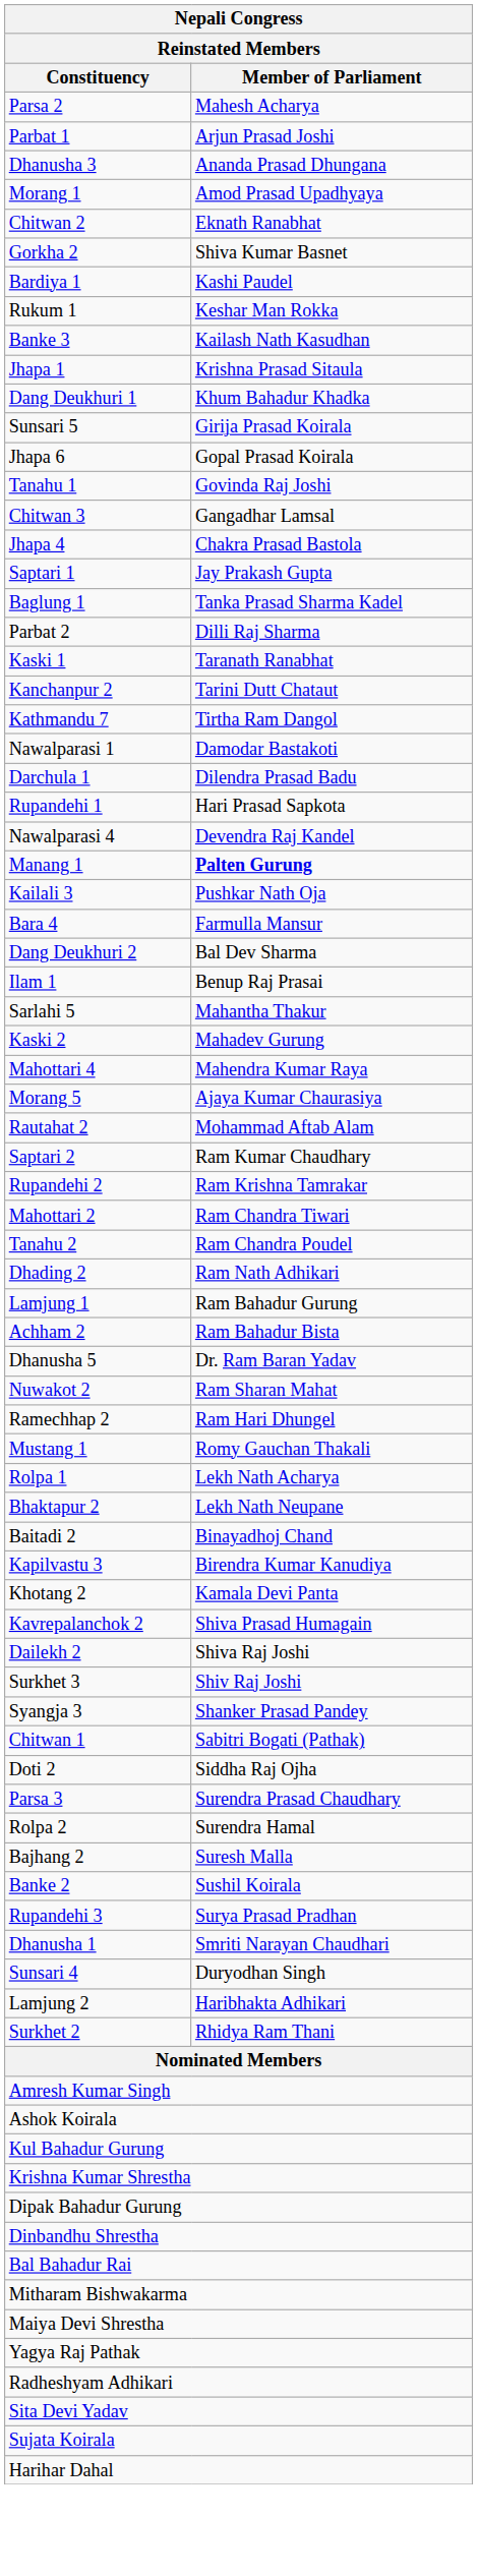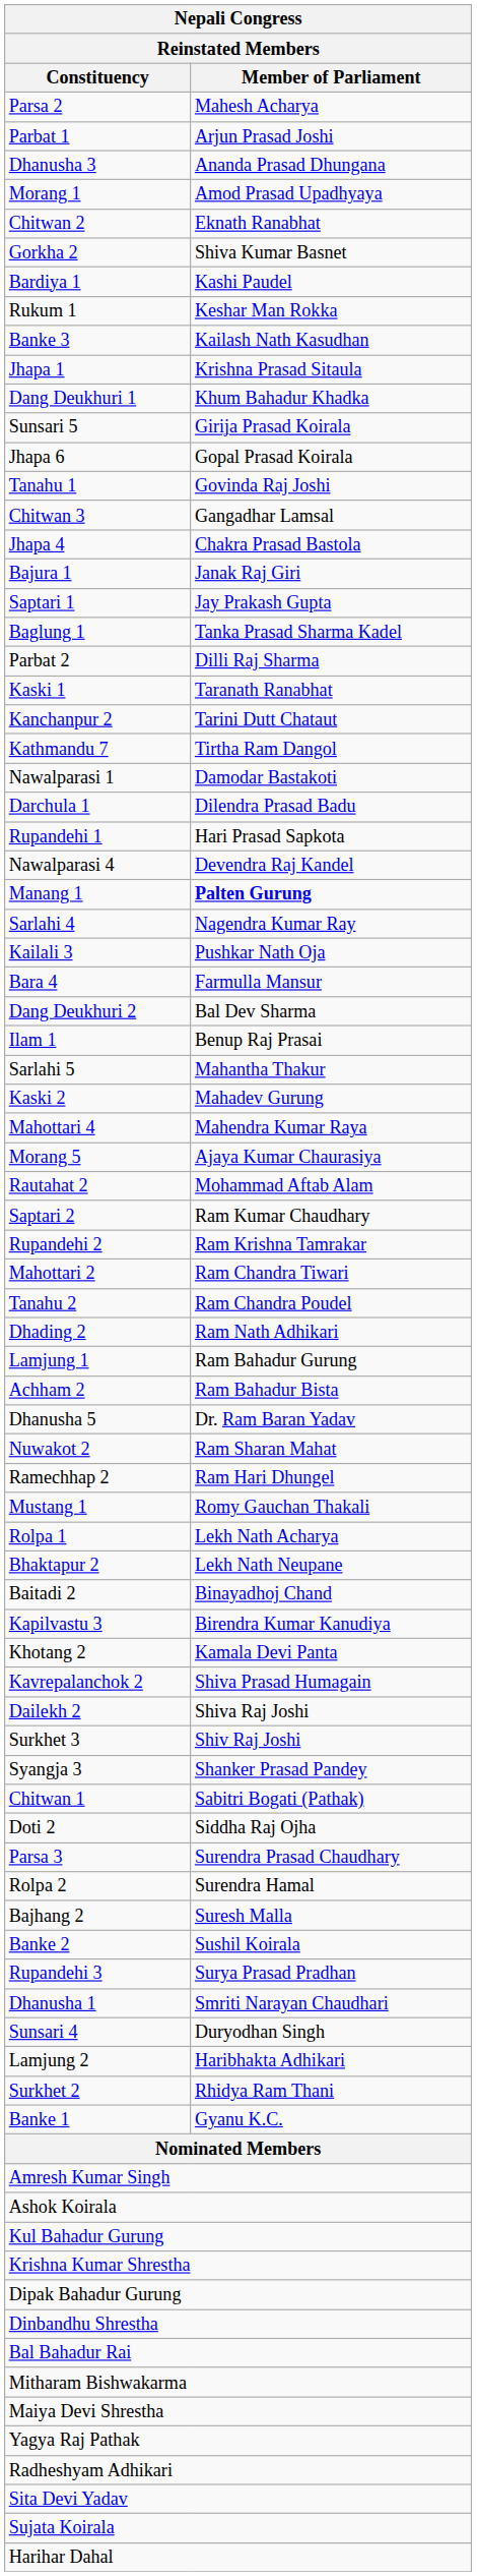 <table role="presentation" class="wikitable mw-collapsible mw-collapsed">
 <tr>
 <th colspan="2" style="width: 300pt; background: ">Nepali Congress</th>
 </tr>
 <tr>
 <th colspan="2">Reinstated Members</th>
 </tr>
 <tr>
 <th>Constituency</th>
 <th>Member of Parliament</th>
 </tr>
 <tr>
 <td><a href='#'>Parsa 2</a></td>
 <td><a href='#'>Mahesh Acharya</a></td>
 </tr>
 <tr>
 <td><a href='#'>Parbat 1</a></td>
 <td><a href='#'>Arjun Prasad Joshi</a></td>
 </tr>
 <tr>
 <td><a href='#'>Dhanusha 3</a></td>
 <td><a href='#'>Ananda Prasad Dhungana</a></td>
 </tr>
 <tr>
 <td><a href='#'>Morang 1</a></td>
 <td><a href='#'>Amod Prasad Upadhyaya</a></td>
 </tr>
 <tr>
 <td><a href='#'>Chitwan 2</a></td>
 <td><a href='#'>Eknath Ranabhat</a></td>
 </tr>
 <tr>
 <td><a href='#'>Gorkha 2</a></td>
 <td>Shiva Kumar Basnet</td>
 </tr>
 <tr>
 <td><a href='#'>Bardiya 1</a></td>
 <td><a href='#'>Kashi Paudel</a></td>
 </tr>
 <tr>
 <td>Rukum 1</td>
 <td><a href='#'>Keshar Man Rokka</a></td>
 </tr>
 <tr>
 <td><a href='#'>Banke 3</a></td>
 <td><a href='#'>Kailash Nath Kasudhan</a></td>
 </tr>
 <tr>
 <td><a href='#'>Jhapa 1</a></td>
 <td><a href='#'>Krishna Prasad Sitaula</a></td>
 </tr>
 <tr>
 <td><a href='#'>Dang Deukhuri 1</a></td>
 <td><a href='#'>Khum Bahadur Khadka</a></td>
 </tr>
 <tr>
 <td>Sunsari 5</td>
 <td><a href='#'>Girija Prasad Koirala</a></td>
 </tr>
 <tr>
 <td>Jhapa 6</td>
 <td>Gopal Prasad Koirala</td>
 </tr>
 <tr>
 <td><a href='#'>Tanahu 1</a></td>
 <td><a href='#'>Govinda Raj Joshi</a></td>
 </tr>
 <tr>
 <td><a href='#'>Chitwan 3</a></td>
 <td>Gangadhar Lamsal</td>
 </tr>
 <tr>
 <td><a href='#'>Jhapa 4</a></td>
 <td><a href='#'>Chakra Prasad Bastola</a></td>
 </tr>
 <tr>
+<td><a href='#'>Bajura 1</a></td>
+<td><a href='#'>Janak Raj Giri</a></td>
+</tr>
+<tr>
 <td><a href='#'>Saptari 1</a></td>
 <td><a href='#'>Jay Prakash Gupta</a></td>
 </tr>
 <tr>
 <td><a href='#'>Baglung 1</a></td>
 <td><a href='#'>Tanka Prasad Sharma Kadel</a></td>
 </tr>
 <tr>
 <td>Parbat 2</td>
 <td><a href='#'>Dilli Raj Sharma</a></td>
 </tr>
 <tr>
 <td><a href='#'>Kaski 1</a></td>
 <td><a href='#'>Taranath Ranabhat</a></td>
 </tr>
 <tr>
 <td><a href='#'>Kanchanpur 2</a></td>
 <td><a href='#'>Tarini Dutt Chataut</a></td>
 </tr>
 <tr>
 <td><a href='#'>Kathmandu 7</a></td>
 <td><a href='#'>Tirtha Ram Dangol</a></td>
 </tr>
 <tr>
 <td>Nawalparasi 1</td>
 <td><a href='#'>Damodar Bastakoti</a></td>
 </tr>
 <tr>
 <td><a href='#'>Darchula 1</a></td>
 <td><a href='#'>Dilendra Prasad Badu</a></td>
 </tr>
 <tr>
 <td><a href='#'>Rupandehi 1</a></td>
 <td>Hari Prasad Sapkota</td>
 </tr>
 <tr>
 <td>Nawalparasi 4</td>
 <td><a href='#'>Devendra Raj Kandel</a></td>
 </tr>
 <tr>
 <td><a href='#'>Manang 1</a></td>
 <td><strong><a href='#'>Palten Gurung</a></strong></td>
+</tr>
+<tr>
+<td><a href='#'>Sarlahi 4</a></td>
+<td><a href='#'>Nagendra Kumar Ray</a></td>
 </tr>
 <tr>
 <td><a href='#'>Kailali 3</a></td>
 <td><a href='#'>Pushkar Nath Oja</a></td>
 </tr>
 <tr>
 <td><a href='#'>Bara 4</a></td>
 <td><a href='#'>Farmulla Mansur</a></td>
 </tr>
 <tr>
 <td><a href='#'>Dang Deukhuri 2</a></td>
 <td>Bal Dev Sharma</td>
 </tr>
 <tr>
 <td><a href='#'>Ilam 1</a></td>
 <td>Benup Raj Prasai</td>
 </tr>
 <tr>
 <td>Sarlahi 5</td>
 <td><a href='#'>Mahantha Thakur</a></td>
 </tr>
 <tr>
 <td><a href='#'>Kaski 2</a></td>
 <td><a href='#'>Mahadev Gurung</a></td>
 </tr>
 <tr>
 <td><a href='#'>Mahottari 4</a></td>
 <td><a href='#'>Mahendra Kumar Raya</a></td>
 </tr>
 <tr>
 <td><a href='#'>Morang 5</a></td>
 <td><a href='#'>Ajaya Kumar Chaurasiya</a></td>
 </tr>
 <tr>
 <td><a href='#'>Rautahat 2</a></td>
 <td><a href='#'>Mohammad Aftab Alam</a></td>
 </tr>
 <tr>
 <td><a href='#'>Saptari 2</a></td>
 <td>Ram Kumar Chaudhary</td>
 </tr>
 <tr>
 <td><a href='#'>Rupandehi 2</a></td>
 <td><a href='#'>Ram Krishna Tamrakar</a></td>
 </tr>
 <tr>
 <td><a href='#'>Mahottari 2</a></td>
 <td><a href='#'>Ram Chandra Tiwari</a></td>
 </tr>
 <tr>
 <td><a href='#'>Tanahu 2</a></td>
 <td><a href='#'>Ram Chandra Poudel</a></td>
 </tr>
 <tr>
 <td><a href='#'>Dhading 2</a></td>
 <td><a href='#'>Ram Nath Adhikari</a></td>
 </tr>
 <tr>
 <td><a href='#'>Lamjung 1</a></td>
 <td>Ram Bahadur Gurung</td>
 </tr>
 <tr>
 <td><a href='#'>Achham 2</a></td>
 <td><a href='#'>Ram Bahadur Bista</a></td>
 </tr>
 <tr>
 <td>Dhanusha 5</td>
 <td>Dr. <a href='#'>Ram Baran Yadav</a></td>
 </tr>
 <tr>
 <td><a href='#'>Nuwakot 2</a></td>
 <td><a href='#'>Ram Sharan Mahat</a></td>
 </tr>
 <tr>
 <td>Ramechhap 2</td>
 <td><a href='#'>Ram Hari Dhungel</a></td>
 </tr>
 <tr>
 <td><a href='#'>Mustang 1</a></td>
 <td><a href='#'>Romy Gauchan Thakali</a></td>
 </tr>
 <tr>
 <td><a href='#'>Rolpa 1</a></td>
 <td><a href='#'>Lekh Nath Acharya</a></td>
 </tr>
 <tr>
 <td><a href='#'>Bhaktapur 2</a></td>
 <td><a href='#'>Lekh Nath Neupane</a></td>
 </tr>
 <tr>
 <td>Baitadi 2</td>
 <td><a href='#'>Binayadhoj Chand</a></td>
 </tr>
 <tr>
 <td><a href='#'>Kapilvastu 3</a></td>
 <td><a href='#'>Birendra Kumar Kanudiya</a></td>
 </tr>
 <tr>
 <td>Khotang 2</td>
 <td><a href='#'>Kamala Devi Panta</a></td>
 </tr>
 <tr>
 <td><a href='#'>Kavrepalanchok 2</a></td>
 <td><a href='#'>Shiva Prasad Humagain</a></td>
 </tr>
 <tr>
 <td><a href='#'>Dailekh 2</a></td>
 <td>Shiva Raj Joshi</td>
 </tr>
 <tr>
 <td>Surkhet 3</td>
 <td><a href='#'>Shiv Raj Joshi</a></td>
 </tr>
 <tr>
 <td>Syangja 3</td>
 <td><a href='#'>Shanker Prasad Pandey</a></td>
 </tr>
 <tr>
 <td><a href='#'>Chitwan 1</a></td>
 <td><a href='#'>Sabitri Bogati (Pathak)</a></td>
 </tr>
 <tr>
 <td>Doti 2</td>
 <td>Siddha Raj Ojha</td>
 </tr>
 <tr>
 <td><a href='#'>Parsa 3</a></td>
 <td><a href='#'>Surendra Prasad Chaudhary</a></td>
 </tr>
 <tr>
 <td>Rolpa 2</td>
 <td>Surendra Hamal</td>
 </tr>
 <tr>
 <td>Bajhang 2</td>
 <td><a href='#'>Suresh Malla</a></td>
 </tr>
 <tr>
 <td><a href='#'>Banke 2</a></td>
 <td><a href='#'>Sushil Koirala</a></td>
 </tr>
 <tr>
 <td><a href='#'>Rupandehi 3</a></td>
 <td><a href='#'>Surya Prasad Pradhan</a></td>
 </tr>
 <tr>
 <td><a href='#'>Dhanusha 1</a></td>
 <td><a href='#'>Smriti Narayan Chaudhari</a></td>
 </tr>
 <tr>
 <td><a href='#'>Sunsari 4</a></td>
 <td>Duryodhan Singh</td>
 </tr>
 <tr>
 <td>Lamjung 2</td>
 <td><a href='#'>Haribhakta Adhikari</a></td>
 </tr>
 <tr>
 <td><a href='#'>Surkhet 2</a></td>
 <td><a href='#'>Rhidya Ram Thani</a></td>
 </tr>
 <tr>
+<td><a href='#'>Banke 1</a></td>
+<td><a href='#'>Gyanu K.C.</a></td>
+</tr>
+<tr>
 <th colspan="2">Nominated Members</th>
 </tr>
 <tr>
 <td colspan="2"><a href='#'>Amresh Kumar Singh</a></td>
 </tr>
 <tr>
 <td colspan="2">Ashok Koirala</td>
 </tr>
 <tr>
 <td colspan="2"><a href='#'>Kul Bahadur Gurung</a></td>
 </tr>
 <tr>
 <td colspan="2"><a href='#'>Krishna Kumar Shrestha</a></td>
 </tr>
 <tr>
 <td colspan="2">Dipak Bahadur Gurung</td>
 </tr>
 <tr>
 <td colspan="2"><a href='#'>Dinbandhu Shrestha</a></td>
 </tr>
 <tr>
 <td colspan="2"><a href='#'>Bal Bahadur Rai</a></td>
 </tr>
 <tr>
 <td colspan="2">Mitharam Bishwakarma</td>
 </tr>
 <tr>
 <td colspan="2">Maiya Devi Shrestha</td>
 </tr>
 <tr>
 <td colspan="2">Yagya Raj Pathak</td>
 </tr>
 <tr>
 <td colspan="2">Radheshyam Adhikari</td>
 </tr>
 <tr>
 <td colspan="2"><a href='#'>Sita Devi Yadav</a></td>
 </tr>
 <tr>
 <td colspan="2"><a href='#'>Sujata Koirala</a></td>
 </tr>
 <tr>
 <td colspan="2">Harihar Dahal</td>
 </tr>
 </table>
